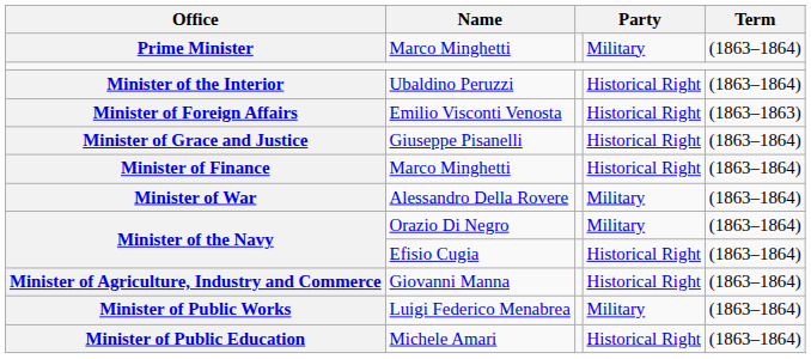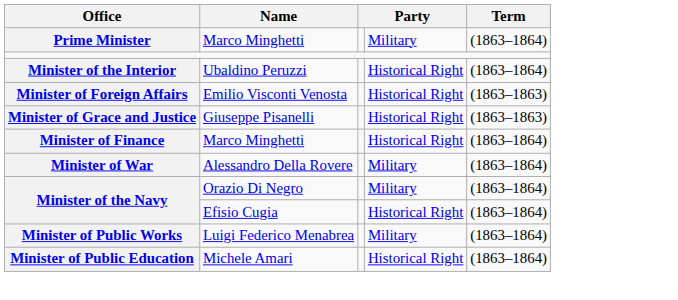 <table class="wikitable" style="font-size: 100%;">
 <tr>
 <th>Office</th>
 <th>Name</th>
 <th colspan=2>Party</th>
 <th>Term</th>
 </tr>
 <tr>
 <th><a href='#'>Prime Minister</a></th>
 <td><a href='#'>Marco Minghetti</a></td>
 <td style="color:inherit;background:"></td>
 <td><a href='#'>Military</a></td>
 <td>(1863–1864)</td>
 </tr>
 <tr>
 <td colspan=5></td>
 </tr>
 <tr>
 <th><a href='#'>Minister of the Interior</a></th>
 <td><a href='#'>Ubaldino Peruzzi</a></td>
 <td style="color:inherit;background:"></td>
 <td><a href='#'>Historical Right</a></td>
 <td>(1863–1864)</td>
 </tr>
 <tr>
 <th><a href='#'>Minister of Foreign Affairs</a></th>
 <td><a href='#'>Emilio Visconti Venosta</a></td>
 <td style="color:inherit;background:"></td>
 <td><a href='#'>Historical Right</a></td>
 <td>(1863–1863)</td>
 </tr>
 <tr>
 <th><a href='#'>Minister of Grace and Justice</a></th>
 <td><a href='#'>Giuseppe Pisanelli</a></td>
 <td style="color:inherit;background:"></td>
 <td><a href='#'>Historical Right</a></td>
-<td>(1863–1864)</td>
+<td>(1863–1863)</td>
 </tr>
 <tr>
 <th><a href='#'>Minister of Finance</a></th>
 <td><a href='#'>Marco Minghetti</a></td>
 <td style="color:inherit;background:"></td>
 <td><a href='#'>Historical Right</a></td>
 <td>(1863–1864)</td>
 </tr>
 <tr>
 <th><a href='#'>Minister of War</a></th>
 <td><a href='#'>Alessandro Della Rovere</a></td>
 <td style="color:inherit;background:"></td>
 <td><a href='#'>Military</a></td>
 <td>(1863–1864)</td>
 </tr>
 <tr>
 <th rowspan=2><a href='#'>Minister of the Navy</a></th>
 <td><a href='#'>Orazio Di Negro</a></td>
 <td style="color:inherit;background:"></td>
 <td><a href='#'>Military</a></td>
 <td>(1863–1864)</td>
 </tr>
 <tr>
 <td><a href='#'>Efisio Cugia</a></td>
 <td style="color:inherit;background:"></td>
 <td><a href='#'>Historical Right</a></td>
 <td>(1863–1864)</td>
 </tr>
 <tr>
-<th><a href='#'>Minister of Agriculture, Industry and Commerce</a></th>
-<td><a href='#'>Giovanni Manna</a></td>
-<td style="color:inherit;background:"></td>
-<td><a href='#'>Historical Right</a></td>
-<td>(1863–1864)</td>
-</tr>
-<tr>
 <th><a href='#'>Minister of Public Works</a></th>
 <td><a href='#'>Luigi Federico Menabrea</a></td>
 <td style="color:inherit;background:"></td>
 <td><a href='#'>Military</a></td>
 <td>(1863–1864)</td>
 </tr>
 <tr>
 <th><a href='#'>Minister of Public Education</a></th>
 <td><a href='#'>Michele Amari</a></td>
 <td style="color:inherit;background:"></td>
 <td><a href='#'>Historical Right</a></td>
 <td>(1863–1864)</td>
 </tr>
 </table>
